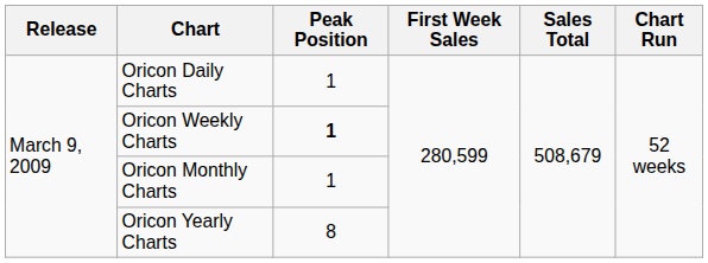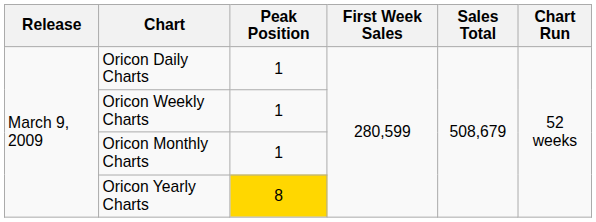 <table class="wikitable" width="600px">
 <tr>
 <th>Release</th>
 <th>Chart</th>
 <th>Peak Position</th>
 <th>First Week Sales</th>
 <th>Sales Total</th>
 <th>Chart Run</th>
 </tr>
 <tr>
 <td align="left" rowspan="4">March 9, 2009</td>
 <td align="left">Oricon Daily Charts</td>
 <td align="center">1</td>
 <td align="center" rowspan="4">280,599</td>
 <td align="center" rowspan="4">508,679</td>
 <td align="center" rowspan="4">52 weeks</td>
 </tr>
 <tr>
 <td align="left">Oricon Weekly Charts</td>
-<td align="center"><strong>1</strong></td>
+<td align="center">1</td>
 </tr>
 <tr>
 <td align="left">Oricon Monthly Charts</td>
 <td align="center">1</td>
 </tr>
 <tr>
 <td align="left">Oricon Yearly Charts</td>
-<td align="center">8</td>
+<td align="center" style="background: gold;">8</td>
 </tr>
 </table>
